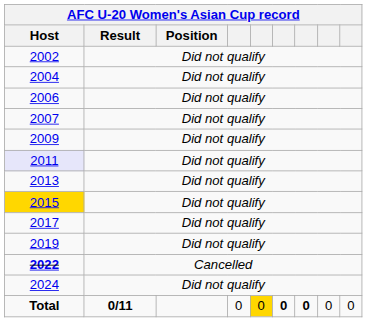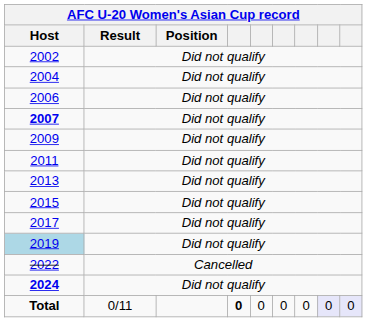 <table class="wikitable collapsible" style="text-align: center;">
 <tr>
 <th colspan=12 style=><a href='#'>AFC U-20 Women's Asian Cup record</a></th>
 </tr>
 <tr>
 <th width="90">Host</th>
 <th width="80">Result</th>
 <th width="80">Position</th>
 <th width="20"></th>
 <th width="20"></th>
 <th width="20"></th>
 <th width="20"></th>
 <th width="20"></th>
 <th width="20"></th>
 </tr>
 <tr>
 <td> <a href='#'>2002</a></td>
 <td colspan=10><em>Did not qualify</em></td>
 </tr>
 <tr>
 <td> <a href='#'>2004</a></td>
 <td colspan=10><em>Did not qualify</em></td>
 </tr>
 <tr>
 <td> <a href='#'>2006</a></td>
 <td colspan=10><em>Did not qualify</em></td>
 </tr>
 <tr>
-<td> <a href='#'>2007</a></td>
+<td><strong> <a href='#'>2007</a></strong></td>
 <td colspan=10><em>Did not qualify</em></td>
 </tr>
 <tr>
 <td> <a href='#'>2009</a></td>
 <td colspan=10><em>Did not qualify</em></td>
 </tr>
 <tr>
-<td style="background: lavender;"> <a href='#'>2011</a></td>
+<td> <a href='#'>2011</a></td>
 <td colspan=10><em>Did not qualify</em></td>
 </tr>
 <tr>
 <td> <a href='#'>2013</a></td>
 <td colspan=10><em>Did not qualify</em></td>
 </tr>
 <tr>
-<td style="background: gold;"> <a href='#'>2015</a></td>
+<td> <a href='#'>2015</a></td>
 <td colspan=10><em>Did not qualify</em></td>
 </tr>
 <tr>
 <td> <a href='#'>2017</a></td>
 <td colspan=10><em>Did not qualify</em></td>
 </tr>
 <tr>
-<td> <a href='#'>2019</a></td>
+<td style="background: lightblue;"> <a href='#'>2019</a></td>
 <td colspan=10><em>Did not qualify</em></td>
 </tr>
 <tr>
-<td><strong><s><a href='#'>2022</a></s></strong></td>
+<td><s><a href='#'>2022</a></s></td>
 <td colspan=10><em>Cancelled</em></td>
 </tr>
 <tr>
-<td> <a href='#'>2024</a></td>
+<td><strong> <a href='#'>2024</a></strong></td>
 <td colspan=10><em>Did not qualify</em></td>
 </tr>
 <tr>
 <td><strong>Total</strong></td>
-<td><strong>0/11</strong></td>
+<td>0/11</td>
 <td></td>
-<td>0</td>
-<td style="background: gold;">0</td>
-<td><strong>0</strong></td>
 <td><strong>0</strong></td>
 <td>0</td>
 <td>0</td>
+<td>0</td>
+<td style="background: lavender;">0</td>
+<td style="background: lavender;">0</td>
 </tr>
 </table>
